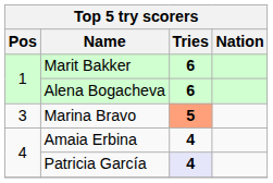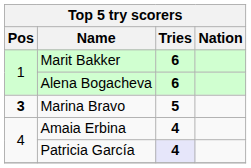 <table class="wikitable" border="1" style="text-align:center;">
 <tr>
 <th colspan=9>Top 5 try scorers</th>
 </tr>
 <tr>
 <th>Pos</th>
 <th>Name</th>
 <th>Tries</th>
 <th>Nation</th>
 </tr>
 <tr style="background:#d0ffd0;">
 <td rowspan=2>1</td>
 <td style="text-align:left;">Marit Bakker</td>
 <td><strong>6</strong></td>
 <td style="text-align:left;"></td>
 </tr>
 <tr style="background:#d0ffd0;">
 <td style="text-align:left;">Alena Bogacheva</td>
 <td><strong>6</strong></td>
 <td style="text-align:left;"></td>
 </tr>
 <tr>
-<td>3</td>
+<td><strong>3</strong></td>
 <td style="text-align:left;">Marina Bravo</td>
-<td style="background: lightsalmon;"><strong>5</strong></td>
+<td><strong>5</strong></td>
 <td style="text-align:left;"></td>
 </tr>
 <tr>
 <td rowspan=2>4</td>
 <td style="text-align:left;">Amaia Erbina</td>
 <td><strong>4</strong></td>
 <td style="text-align:left;"></td>
 </tr>
 <tr>
 <td style="text-align:left;">Patricia García</td>
 <td style="background: lavender;"><strong>4</strong></td>
 <td style="text-align:left;"></td>
 </tr>
 <tr>
 </tr>
 </table>
